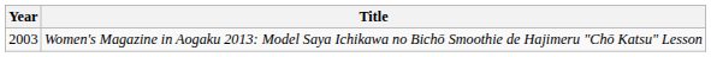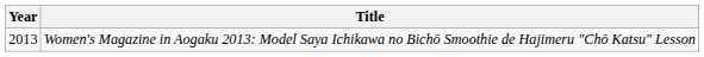 <table class="wikitable">
 <tr>
 <th>Year</th>
 <th>Title</th>
 </tr>
 <tr>
-<td>2003</td>
+<td>2013</td>
 <td><em>Women's Magazine in Aogaku 2013: Model Saya Ichikawa no Bichō Smoothie de Hajimeru "Chō Katsu" Lesson</em></td>
 </tr>
 </table>
